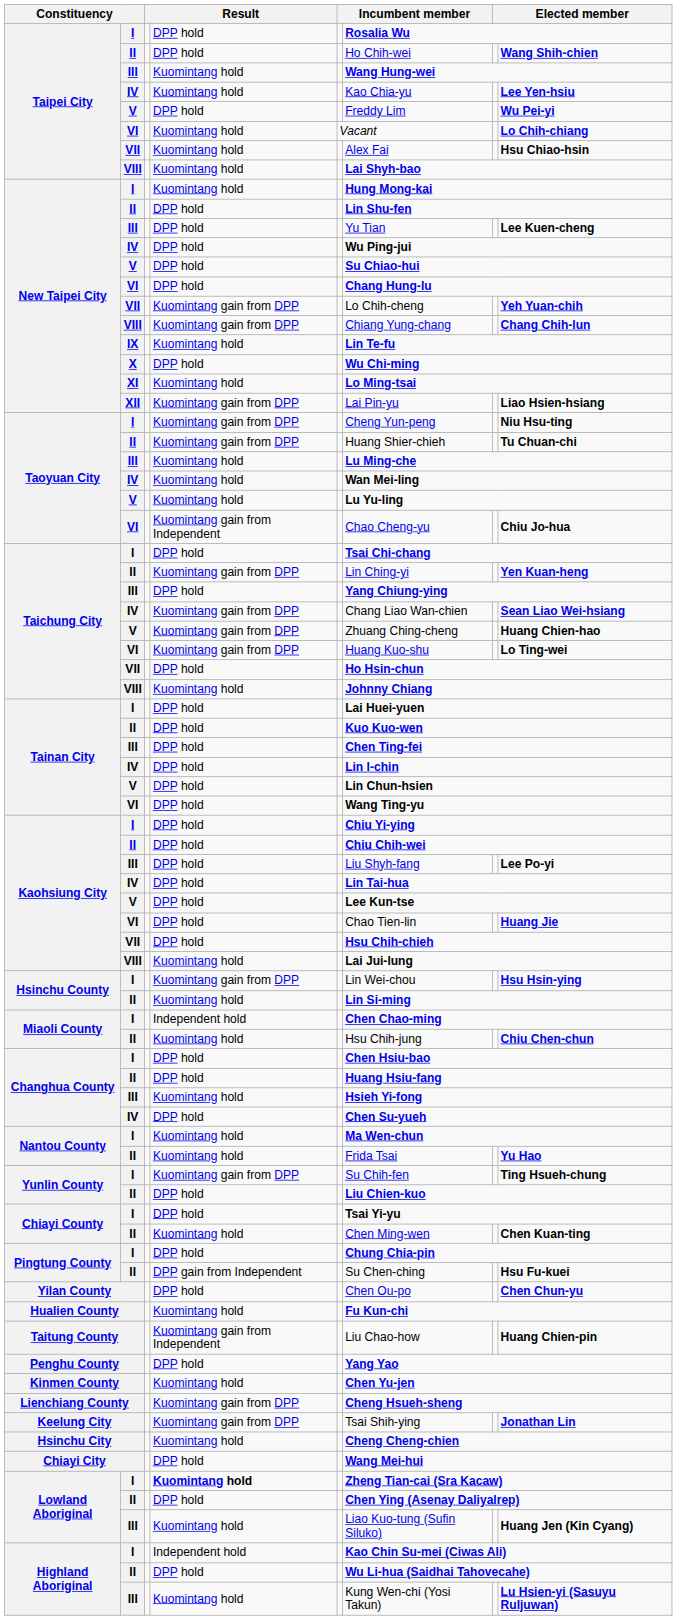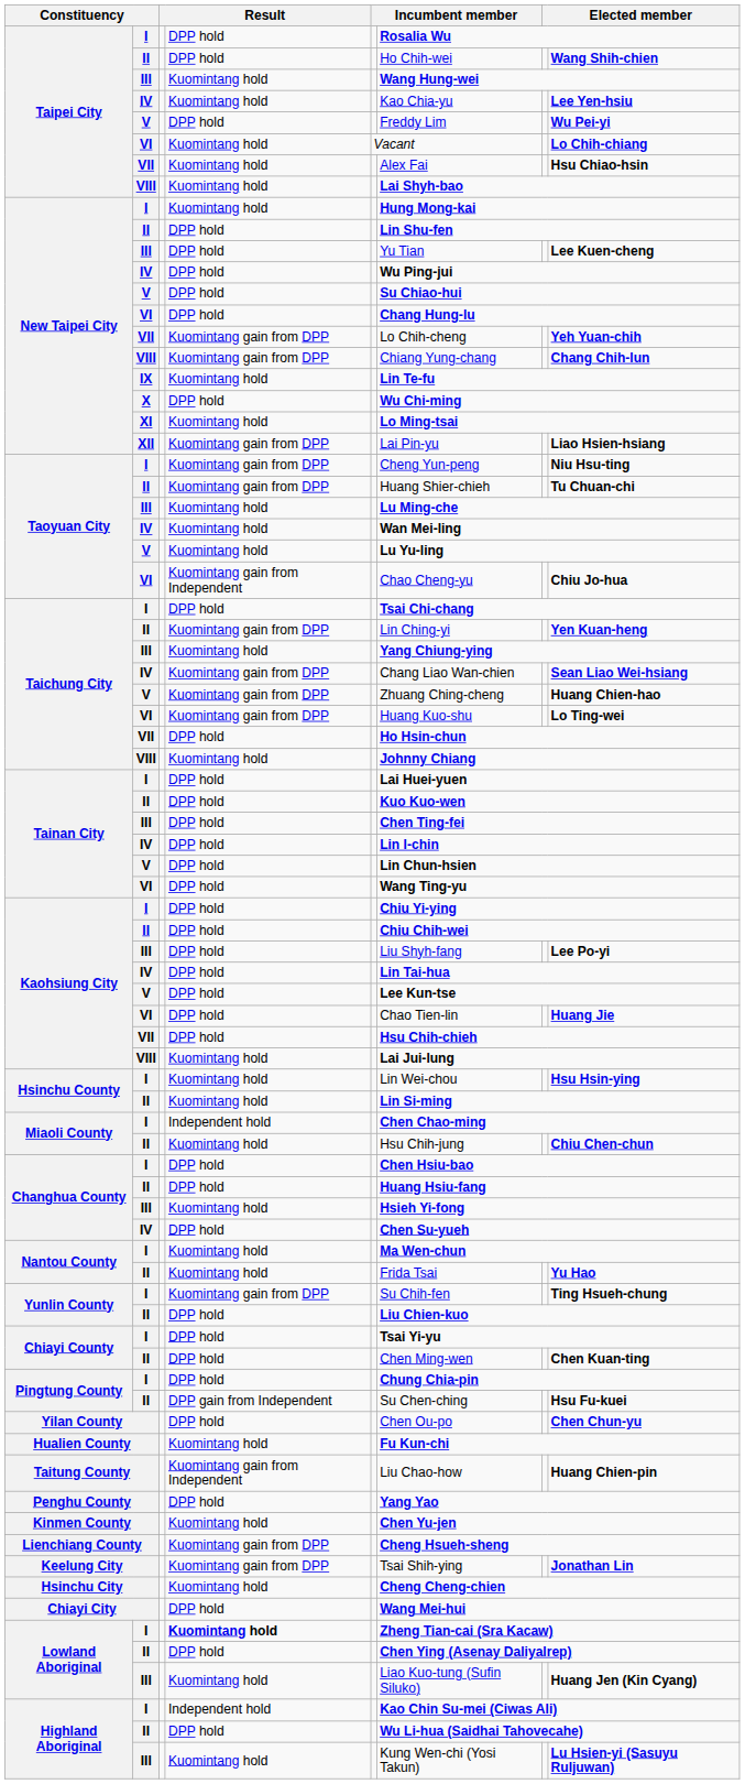 <table class="wikitable" style="font-size: 98%;">
 <tr>
 <th colspan="2">Constituency</th>
 <th colspan="2">Result</th>
 <th colspan="2">Incumbent member</th>
 <th colspan="2">Elected member</th>
 </tr>
 <tr>
 <th rowspan="8"><a href='#'>Taipei City</a></th>
 <th><a href='#'>I</a></th>
 <td></td>
 <td><a href='#'>DPP</a> hold</td>
 <td></td>
 <td colspan="3"><strong><a href='#'>Rosalia Wu</a></strong></td>
 </tr>
 <tr>
 <th><a href='#'>II</a></th>
 <td></td>
 <td><a href='#'>DPP</a> hold</td>
 <td></td>
 <td><a href='#'>Ho Chih-wei</a></td>
 <td></td>
 <td><strong><a href='#'>Wang Shih-chien</a></strong></td>
 </tr>
 <tr>
 <th><a href='#'>III</a></th>
 <td></td>
 <td><a href='#'>Kuomintang</a> hold</td>
 <td></td>
 <td colspan="3"><strong><a href='#'>Wang Hung-wei</a></strong></td>
 </tr>
 <tr>
 <th><a href='#'>IV</a></th>
 <td></td>
 <td><a href='#'>Kuomintang</a> hold</td>
 <td></td>
 <td><a href='#'>Kao Chia-yu</a></td>
 <td></td>
 <td><strong><a href='#'>Lee Yen-hsiu</a></strong></td>
 </tr>
 <tr>
 <th><a href='#'>V</a></th>
 <td></td>
 <td><a href='#'>DPP</a> hold</td>
 <td></td>
 <td><a href='#'>Freddy Lim</a></td>
 <td></td>
 <td><strong><a href='#'>Wu Pei-yi</a></strong></td>
 </tr>
 <tr>
 <th><a href='#'>VI</a></th>
 <td></td>
 <td><a href='#'>Kuomintang</a> hold</td>
 <td colspan="2"><em>Vacant</em></td>
 <td></td>
 <td><strong><a href='#'>Lo Chih-chiang</a></strong></td>
 </tr>
 <tr>
 <th><a href='#'>VII</a></th>
 <td></td>
 <td><a href='#'>Kuomintang</a> hold</td>
 <td></td>
 <td><a href='#'>Alex Fai</a></td>
 <td></td>
 <td><strong>Hsu Chiao-hsin</strong></td>
 </tr>
 <tr>
 <th><a href='#'>VIII</a></th>
 <td></td>
 <td><a href='#'>Kuomintang</a> hold</td>
 <td></td>
 <td colspan="3"><strong><a href='#'>Lai Shyh-bao</a></strong></td>
 </tr>
 <tr>
 <th rowspan="12"><a href='#'>New Taipei City</a></th>
 <th><a href='#'>I</a></th>
 <td></td>
 <td><a href='#'>Kuomintang</a> hold</td>
 <td></td>
 <td colspan="3"><strong><a href='#'>Hung Mong-kai</a></strong></td>
 </tr>
 <tr>
 <th><a href='#'>II</a></th>
 <td></td>
 <td><a href='#'>DPP</a> hold</td>
 <td></td>
 <td colspan="3"><strong><a href='#'>Lin Shu-fen</a></strong></td>
 </tr>
 <tr>
 <th><a href='#'>III</a></th>
 <td></td>
 <td><a href='#'>DPP</a> hold</td>
 <td></td>
 <td><a href='#'>Yu Tian</a></td>
 <td></td>
 <td><strong>Lee Kuen-cheng</strong></td>
 </tr>
 <tr>
 <th><a href='#'>IV</a></th>
 <td></td>
 <td><a href='#'>DPP</a> hold</td>
 <td></td>
 <td colspan="3"><strong>Wu Ping-jui</strong></td>
 </tr>
 <tr>
 <th><a href='#'>V</a></th>
 <td></td>
 <td><a href='#'>DPP</a> hold</td>
 <td></td>
 <td colspan="3"><strong><a href='#'>Su Chiao-hui</a></strong></td>
 </tr>
 <tr>
 <th><a href='#'>VI</a></th>
 <td></td>
 <td><a href='#'>DPP</a> hold</td>
 <td></td>
 <td colspan="3"><strong><a href='#'>Chang Hung-lu</a></strong></td>
 </tr>
 <tr>
 <th><a href='#'>VII</a></th>
 <td></td>
 <td><a href='#'>Kuomintang</a> gain from <a href='#'>DPP</a></td>
 <td></td>
 <td>Lo Chih-cheng</td>
 <td></td>
 <td><strong><a href='#'>Yeh Yuan-chih</a></strong></td>
 </tr>
 <tr>
 <th><a href='#'>VIII</a></th>
 <td></td>
 <td><a href='#'>Kuomintang</a> gain from <a href='#'>DPP</a></td>
 <td></td>
 <td><a href='#'>Chiang Yung-chang</a></td>
 <td></td>
 <td><strong><a href='#'>Chang Chih-lun</a></strong></td>
 </tr>
 <tr>
 <th><a href='#'>IX</a></th>
 <td></td>
 <td><a href='#'>Kuomintang</a> hold</td>
 <td></td>
 <td colspan="3"><strong><a href='#'>Lin Te-fu</a></strong></td>
 </tr>
 <tr>
 <th><a href='#'>X</a></th>
 <td></td>
 <td><a href='#'>DPP</a> hold</td>
 <td></td>
 <td colspan="3"><strong><a href='#'>Wu Chi-ming</a></strong></td>
 </tr>
 <tr>
 <th><a href='#'>XI</a></th>
 <td></td>
 <td><a href='#'>Kuomintang</a> hold</td>
 <td></td>
 <td colspan="3"><strong><a href='#'>Lo Ming-tsai</a></strong></td>
 </tr>
 <tr>
 <th><a href='#'>XII</a></th>
 <td></td>
 <td><a href='#'>Kuomintang</a> gain from <a href='#'>DPP</a></td>
 <td></td>
 <td><a href='#'>Lai Pin-yu</a></td>
 <td></td>
 <td><strong>Liao Hsien-hsiang</strong></td>
 </tr>
 <tr>
 <th rowspan="6"><a href='#'>Taoyuan City</a></th>
 <th><a href='#'>I</a></th>
 <td></td>
 <td><a href='#'>Kuomintang</a> gain from <a href='#'>DPP</a></td>
 <td></td>
 <td><a href='#'>Cheng Yun-peng</a></td>
 <td></td>
 <td><strong>Niu Hsu-ting</strong></td>
 </tr>
 <tr>
 <th><a href='#'>II</a></th>
 <td></td>
 <td><a href='#'>Kuomintang</a> gain from <a href='#'>DPP</a></td>
 <td></td>
 <td>Huang Shier-chieh</td>
 <td></td>
 <td><strong>Tu Chuan-chi</strong></td>
 </tr>
 <tr>
 <th><a href='#'>III</a></th>
 <td></td>
 <td><a href='#'>Kuomintang</a> hold</td>
 <td></td>
 <td colspan="3"><strong><a href='#'>Lu Ming-che</a></strong></td>
 </tr>
 <tr>
 <th><a href='#'>IV</a></th>
 <td></td>
 <td><a href='#'>Kuomintang</a> hold</td>
 <td></td>
 <td colspan="3"><strong>Wan Mei-ling</strong></td>
 </tr>
 <tr>
 <th><a href='#'>V</a></th>
 <td></td>
 <td><a href='#'>Kuomintang</a> hold</td>
 <td></td>
 <td colspan="3"><strong>Lu Yu-ling</strong></td>
 </tr>
 <tr>
 <th><a href='#'>VI</a></th>
 <td></td>
 <td><a href='#'>Kuomintang</a> gain from Independent</td>
 <td></td>
 <td><a href='#'>Chao Cheng-yu</a></td>
 <td></td>
 <td><strong>Chiu Jo-hua</strong></td>
 </tr>
 <tr>
 <th rowspan="8"><a href='#'>Taichung City</a></th>
 <th>I</th>
 <td></td>
 <td><a href='#'>DPP</a> hold</td>
 <td></td>
 <td colspan="3"><strong><a href='#'>Tsai Chi-chang</a></strong></td>
 </tr>
 <tr>
 <th>II</th>
 <td></td>
 <td><a href='#'>Kuomintang</a> gain from <a href='#'>DPP</a></td>
 <td></td>
 <td><a href='#'>Lin Ching-yi</a></td>
 <td></td>
 <td><strong><a href='#'>Yen Kuan-heng</a></strong></td>
 </tr>
 <tr>
 <th>III</th>
 <td></td>
-<td><a href='#'>DPP</a> hold</td>
+<td><a href='#'>Kuomintang</a> hold</td>
 <td></td>
 <td colspan="3"><strong><a href='#'>Yang Chiung-ying</a></strong></td>
 </tr>
 <tr>
 <th>IV</th>
 <td></td>
 <td><a href='#'>Kuomintang</a> gain from <a href='#'>DPP</a></td>
 <td></td>
 <td>Chang Liao Wan-chien</td>
 <td></td>
 <td><strong><a href='#'>Sean Liao Wei-hsiang</a></strong></td>
 </tr>
 <tr>
 <th>V</th>
 <td></td>
 <td><a href='#'>Kuomintang</a> gain from <a href='#'>DPP</a></td>
 <td></td>
 <td>Zhuang Ching-cheng</td>
 <td></td>
 <td><strong>Huang Chien-hao</strong></td>
 </tr>
 <tr>
 <th>VI</th>
 <td></td>
 <td><a href='#'>Kuomintang</a> gain from <a href='#'>DPP</a></td>
 <td></td>
 <td><a href='#'>Huang Kuo-shu</a></td>
 <td></td>
 <td><strong>Lo Ting-wei</strong></td>
 </tr>
 <tr>
 <th>VII</th>
 <td></td>
 <td><a href='#'>DPP</a> hold</td>
 <td></td>
 <td colspan="3"><strong><a href='#'>Ho Hsin-chun</a></strong></td>
 </tr>
 <tr>
 <th>VIII</th>
 <td></td>
 <td><a href='#'>Kuomintang</a> hold</td>
 <td></td>
 <td colspan="3"><strong><a href='#'>Johnny Chiang</a></strong></td>
 </tr>
 <tr>
 <th rowspan="6"><a href='#'>Tainan City</a></th>
 <th>I</th>
 <td></td>
 <td><a href='#'>DPP</a> hold</td>
 <td></td>
 <td colspan="3"><strong>Lai Huei-yuen</strong></td>
 </tr>
 <tr>
 <th>II</th>
 <td></td>
 <td><a href='#'>DPP</a> hold</td>
 <td></td>
 <td colspan="3"><strong><a href='#'>Kuo Kuo-wen</a></strong></td>
 </tr>
 <tr>
 <th>III</th>
 <td></td>
 <td><a href='#'>DPP</a> hold</td>
 <td></td>
 <td colspan="3"><strong><a href='#'>Chen Ting-fei</a></strong></td>
 </tr>
 <tr>
 <th>IV</th>
 <td></td>
 <td><a href='#'>DPP</a> hold</td>
 <td></td>
 <td colspan="3"><strong><a href='#'>Lin I-chin</a></strong></td>
 </tr>
 <tr>
 <th>V</th>
 <td></td>
 <td><a href='#'>DPP</a> hold</td>
 <td></td>
 <td colspan="3"><strong>Lin Chun-hsien</strong></td>
 </tr>
 <tr>
 <th>VI</th>
 <td></td>
 <td><a href='#'>DPP</a> hold</td>
 <td></td>
 <td colspan="3"><strong>Wang Ting-yu</strong></td>
 </tr>
 <tr>
 <th rowspan="8"><a href='#'>Kaohsiung City</a></th>
 <th><a href='#'>I</a></th>
 <td></td>
 <td><a href='#'>DPP</a> hold</td>
 <td></td>
 <td colspan="3"><strong><a href='#'>Chiu Yi-ying</a></strong></td>
 </tr>
 <tr>
 <th><a href='#'>II</a></th>
 <td></td>
 <td><a href='#'>DPP</a> hold</td>
 <td></td>
 <td colspan="3"><strong><a href='#'>Chiu Chih-wei</a></strong></td>
 </tr>
 <tr>
 <th>III</th>
 <td></td>
 <td><a href='#'>DPP</a> hold</td>
 <td></td>
 <td><a href='#'>Liu Shyh-fang</a></td>
 <td></td>
 <td><strong>Lee Po-yi</strong></td>
 </tr>
 <tr>
 <th>IV</th>
 <td></td>
 <td><a href='#'>DPP</a> hold</td>
 <td></td>
 <td colspan="3"><strong><a href='#'>Lin Tai-hua</a></strong></td>
 </tr>
 <tr>
 <th>V</th>
 <td></td>
 <td><a href='#'>DPP</a> hold</td>
 <td></td>
 <td colspan="3"><strong>Lee Kun-tse</strong></td>
 </tr>
 <tr>
 <th>VI</th>
 <td></td>
 <td><a href='#'>DPP</a> hold</td>
 <td></td>
 <td>Chao Tien-lin</td>
 <td></td>
 <td><strong><a href='#'>Huang Jie</a></strong></td>
 </tr>
 <tr>
 <th>VII</th>
 <td></td>
 <td><a href='#'>DPP</a> hold</td>
 <td></td>
 <td colspan="3"><strong><a href='#'>Hsu Chih-chieh</a></strong></td>
 </tr>
 <tr>
 <th>VIII</th>
 <td></td>
 <td><a href='#'>Kuomintang</a> hold</td>
 <td></td>
 <td colspan="3"><strong>Lai Jui-lung</strong></td>
 </tr>
 <tr>
 <th rowspan="2"><a href='#'>Hsinchu County</a></th>
 <th>I</th>
 <td></td>
-<td><a href='#'>Kuomintang</a> gain from <a href='#'>DPP</a></td>
+<td><a href='#'>Kuomintang</a> hold</td>
 <td></td>
 <td>Lin Wei-chou</td>
 <td></td>
 <td><strong><a href='#'>Hsu Hsin-ying</a></strong></td>
 </tr>
 <tr>
 <th>II</th>
 <td></td>
 <td><a href='#'>Kuomintang</a> hold</td>
 <td></td>
 <td colspan="3"><strong><a href='#'>Lin Si-ming</a></strong></td>
 </tr>
 <tr>
 <th rowspan="2"><a href='#'>Miaoli County</a></th>
 <th>I</th>
 <td></td>
 <td>Independent hold</td>
 <td></td>
 <td colspan="3"><strong><a href='#'>Chen Chao-ming</a></strong></td>
 </tr>
 <tr>
 <th>II</th>
 <td></td>
 <td><a href='#'>Kuomintang</a> hold</td>
 <td></td>
 <td>Hsu Chih-jung</td>
 <td></td>
 <td><strong><a href='#'>Chiu Chen-chun</a></strong></td>
 </tr>
 <tr>
 <th rowspan="4"><a href='#'>Changhua County</a></th>
 <th>I</th>
 <td></td>
 <td><a href='#'>DPP</a> hold</td>
 <td></td>
 <td colspan="3"><strong><a href='#'>Chen Hsiu-bao</a></strong></td>
 </tr>
 <tr>
 <th>II</th>
 <td></td>
 <td><a href='#'>DPP</a> hold</td>
 <td></td>
 <td colspan="3"><strong><a href='#'>Huang Hsiu-fang</a></strong></td>
 </tr>
 <tr>
 <th>III</th>
 <td></td>
 <td><a href='#'>Kuomintang</a> hold</td>
 <td></td>
 <td colspan="3"><strong><a href='#'>Hsieh Yi-fong</a></strong></td>
 </tr>
 <tr>
 <th>IV</th>
 <td></td>
 <td><a href='#'>DPP</a> hold</td>
 <td></td>
 <td colspan="3"><strong><a href='#'>Chen Su-yueh</a></strong></td>
 </tr>
 <tr>
 <th rowspan="2"><a href='#'>Nantou County</a></th>
 <th>I</th>
 <td></td>
 <td><a href='#'>Kuomintang</a> hold</td>
 <td></td>
 <td colspan="3"><strong><a href='#'>Ma Wen-chun</a></strong></td>
 </tr>
 <tr>
 <th>II</th>
 <td></td>
 <td><a href='#'>Kuomintang</a> hold</td>
 <td></td>
 <td><a href='#'>Frida Tsai</a></td>
 <td></td>
 <td><strong><a href='#'>Yu Hao</a></strong></td>
 </tr>
 <tr>
 <th rowspan="2"><a href='#'>Yunlin County</a></th>
 <th>I</th>
 <td></td>
 <td><a href='#'>Kuomintang</a> gain from <a href='#'>DPP</a></td>
 <td></td>
 <td><a href='#'>Su Chih-fen</a></td>
 <td></td>
 <td><strong>Ting Hsueh-chung</strong></td>
 </tr>
 <tr>
 <th>II</th>
 <td></td>
 <td><a href='#'>DPP</a> hold</td>
 <td></td>
 <td colspan="3"><strong><a href='#'>Liu Chien-kuo</a></strong></td>
 </tr>
 <tr>
 <th rowspan="2"><a href='#'>Chiayi County</a></th>
 <th>I</th>
 <td></td>
 <td><a href='#'>DPP</a> hold</td>
 <td></td>
 <td colspan="3"><strong>Tsai Yi-yu</strong></td>
 </tr>
 <tr>
 <th>II</th>
 <td></td>
-<td><a href='#'>Kuomintang</a> hold</td>
+<td><a href='#'>DPP</a> hold</td>
 <td></td>
 <td><a href='#'>Chen Ming-wen</a></td>
 <td></td>
 <td><strong>Chen Kuan-ting</strong></td>
 </tr>
 <tr>
 <th rowspan="2"><a href='#'>Pingtung County</a></th>
 <th>I</th>
 <td></td>
 <td><a href='#'>DPP</a> hold</td>
 <td></td>
 <td colspan="3"><strong><a href='#'>Chung Chia-pin</a></strong></td>
 </tr>
 <tr>
 <th>II</th>
 <td></td>
 <td><a href='#'>DPP</a> gain from Independent</td>
 <td></td>
 <td>Su Chen-ching</td>
 <td></td>
 <td><strong>Hsu Fu-kuei</strong></td>
 </tr>
 <tr>
 <th colspan="2"><a href='#'>Yilan County</a></th>
 <td></td>
 <td><a href='#'>DPP</a> hold</td>
 <td></td>
 <td><a href='#'>Chen Ou-po</a></td>
 <td></td>
 <td><strong><a href='#'>Chen Chun-yu</a></strong></td>
 </tr>
 <tr>
 <th colspan="2"><a href='#'>Hualien County</a></th>
 <td></td>
 <td><a href='#'>Kuomintang</a> hold</td>
 <td></td>
 <td colspan="3"><strong><a href='#'>Fu Kun-chi</a></strong></td>
 </tr>
 <tr>
 <th colspan="2"><a href='#'>Taitung County</a></th>
 <td></td>
 <td><a href='#'>Kuomintang</a> gain from Independent</td>
 <td></td>
 <td>Liu Chao-how</td>
 <td></td>
 <td><strong>Huang Chien-pin</strong></td>
 </tr>
 <tr>
 <th colspan="2"><a href='#'>Penghu County</a></th>
 <td></td>
 <td><a href='#'>DPP</a> hold</td>
 <td></td>
 <td colspan="3"><strong><a href='#'>Yang Yao</a></strong></td>
 </tr>
 <tr>
 <th colspan="2"><a href='#'>Kinmen County</a></th>
 <td></td>
 <td><a href='#'>Kuomintang</a> hold</td>
 <td></td>
 <td colspan="3"><strong><a href='#'>Chen Yu-jen</a></strong></td>
 </tr>
 <tr>
 <th colspan="2"><a href='#'>Lienchiang County</a></th>
 <td></td>
 <td><a href='#'>Kuomintang</a> gain from <a href='#'>DPP</a></td>
 <td></td>
 <td colspan="3"><strong><a href='#'>Cheng Hsueh-sheng</a></strong></td>
 </tr>
 <tr>
 <th colspan="2"><a href='#'>Keelung City</a></th>
 <td></td>
 <td><a href='#'>Kuomintang</a> gain from <a href='#'>DPP</a></td>
 <td></td>
 <td>Tsai Shih-ying</td>
 <td></td>
 <td><strong><a href='#'>Jonathan Lin</a></strong></td>
 </tr>
 <tr>
 <th colspan="2"><a href='#'>Hsinchu City</a></th>
 <td></td>
 <td><a href='#'>Kuomintang</a> hold</td>
 <td></td>
 <td colspan="3"><strong><a href='#'>Cheng Cheng-chien</a></strong></td>
 </tr>
 <tr>
 <th colspan="2"><a href='#'>Chiayi City</a></th>
 <td></td>
 <td><a href='#'>DPP</a> hold</td>
 <td></td>
 <td colspan="3"><strong><a href='#'>Wang Mei-hui</a></strong></td>
 </tr>
 <tr>
 <th rowspan="3"><a href='#'>Lowland Aboriginal</a></th>
 <th>I</th>
 <td></td>
 <td><strong><a href='#'>Kuomintang</a> hold</strong></td>
 <td></td>
 <td colspan="3"><strong><a href='#'>Zheng Tian-cai (Sra Kacaw)</a></strong></td>
 </tr>
 <tr>
 <th>II</th>
 <td></td>
 <td><a href='#'>DPP</a> hold</td>
 <td></td>
 <td colspan="3"><strong><a href='#'>Chen Ying (Asenay Daliyalrep)</a></strong></td>
 </tr>
 <tr>
 <th>III</th>
 <td></td>
 <td><a href='#'>Kuomintang</a> hold</td>
 <td></td>
 <td><a href='#'>Liao Kuo-tung (Sufin Siluko)</a></td>
 <td></td>
 <td><strong>Huang Jen (Kin Cyang)</strong></td>
 </tr>
 <tr>
 <th rowspan="3"><a href='#'>Highland Aboriginal</a></th>
 <th>I</th>
 <td></td>
 <td>Independent hold</td>
 <td></td>
 <td colspan="3"><strong><a href='#'>Kao Chin Su-mei (Ciwas Ali)</a></strong></td>
 </tr>
 <tr>
 <th>II</th>
 <td></td>
 <td><a href='#'>DPP</a> hold</td>
 <td></td>
 <td colspan="3"><strong><a href='#'>Wu Li-hua (Saidhai Tahovecahe)</a></strong></td>
 </tr>
 <tr>
 <th>III</th>
 <td></td>
 <td><a href='#'>Kuomintang</a> hold</td>
 <td></td>
 <td>Kung Wen-chi (Yosi Takun)</td>
 <td></td>
 <td><strong><a href='#'>Lu Hsien-yi (Sasuyu Ruljuwan)</a></strong></td>
 </tr>
 </table>
